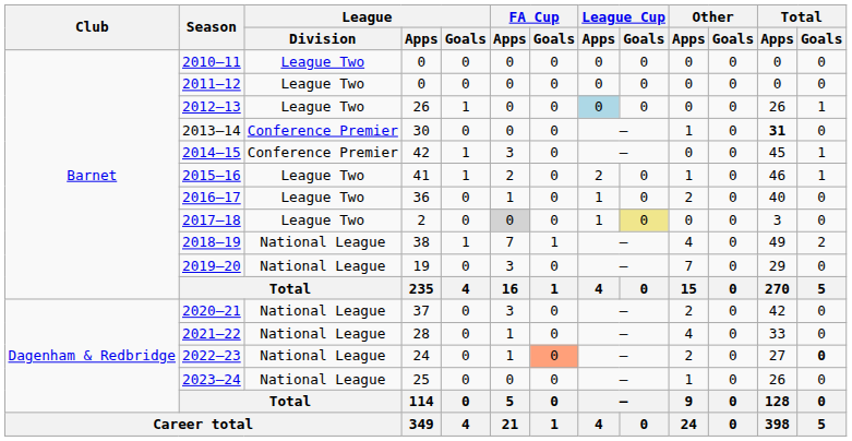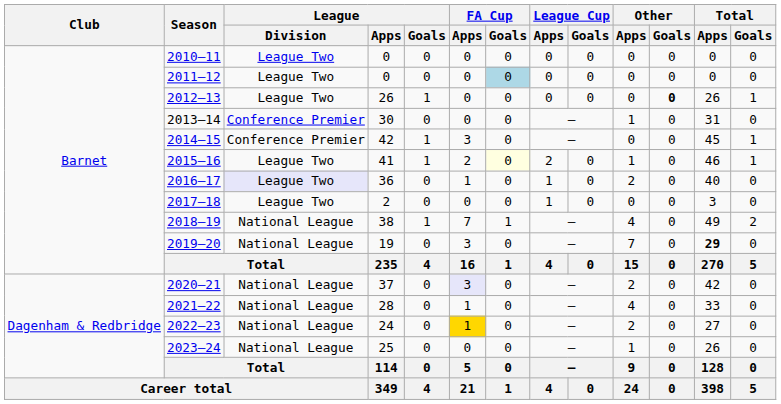 <table class=wikitable style="text-align: center;">
 <tr>
 <th rowspan=2>Club</th>
 <th rowspan=2>Season</th>
 <th colspan=3>League</th>
 <th colspan=2><a href='#'>FA Cup</a></th>
 <th colspan=2><a href='#'>League Cup</a></th>
 <th colspan=2>Other</th>
 <th colspan=2>Total</th>
 </tr>
 <tr>
 <th>Division</th>
 <th>Apps</th>
 <th>Goals</th>
 <th>Apps</th>
 <th>Goals</th>
 <th>Apps</th>
 <th>Goals</th>
 <th>Apps</th>
 <th>Goals</th>
 <th>Apps</th>
 <th>Goals</th>
 </tr>
 <tr>
 <td rowspan=11><a href='#'>Barnet</a></td>
 <td><a href='#'>2010–11</a></td>
 <td><a href='#'>League Two</a></td>
 <td>0</td>
 <td>0</td>
 <td>0</td>
 <td>0</td>
 <td>0</td>
 <td>0</td>
 <td>0</td>
 <td>0</td>
 <td>0</td>
 <td>0</td>
 </tr>
 <tr>
 <td><a href='#'>2011–12</a></td>
 <td>League Two</td>
 <td>0</td>
 <td>0</td>
 <td>0</td>
-<td>0</td>
+<td style="background: lightblue;">0</td>
 <td>0</td>
 <td>0</td>
 <td>0</td>
 <td>0</td>
 <td>0</td>
 <td>0</td>
 </tr>
 <tr>
 <td><a href='#'>2012–13</a></td>
 <td>League Two</td>
 <td>26</td>
 <td>1</td>
 <td>0</td>
 <td>0</td>
-<td style="background: lightblue;">0</td>
 <td>0</td>
 <td>0</td>
 <td>0</td>
+<td><strong>0</strong></td>
 <td>26</td>
 <td>1</td>
 </tr>
 <tr>
 <td>2013–14</td>
 <td><a href='#'>Conference Premier</a></td>
 <td>30</td>
 <td>0</td>
 <td>0</td>
 <td>0</td>
 <td colspan=2>—</td>
 <td>1</td>
 <td>0</td>
-<td><strong>31</strong></td>
+<td>31</td>
 <td>0</td>
 </tr>
 <tr>
 <td><a href='#'>2014–15</a></td>
 <td>Conference Premier</td>
 <td>42</td>
 <td>1</td>
 <td>3</td>
 <td>0</td>
 <td colspan=2>—</td>
 <td>0</td>
 <td>0</td>
 <td>45</td>
 <td>1</td>
 </tr>
 <tr>
 <td><a href='#'>2015–16</a></td>
 <td>League Two</td>
 <td>41</td>
 <td>1</td>
 <td>2</td>
-<td>0</td>
+<td style="background: lightyellow;">0</td>
 <td>2</td>
 <td>0</td>
 <td>1</td>
 <td>0</td>
 <td>46</td>
 <td>1</td>
 </tr>
 <tr>
 <td><a href='#'>2016–17</a></td>
-<td>League Two</td>
+<td style="background: lavender;">League Two</td>
 <td>36</td>
 <td>0</td>
 <td>1</td>
 <td>0</td>
 <td>1</td>
 <td>0</td>
 <td>2</td>
 <td>0</td>
 <td>40</td>
 <td>0</td>
 </tr>
 <tr>
 <td><a href='#'>2017–18</a></td>
 <td>League Two</td>
 <td>2</td>
 <td>0</td>
-<td style="background: lightgrey;">0</td>
+<td>0</td>
 <td>0</td>
 <td>1</td>
-<td style="background: khaki;">0</td>
+<td>0</td>
 <td>0</td>
 <td>0</td>
 <td>3</td>
 <td>0</td>
 </tr>
 <tr>
 <td><a href='#'>2018–19</a></td>
 <td>National League</td>
 <td>38</td>
 <td>1</td>
 <td>7</td>
 <td>1</td>
 <td colspan=2>—</td>
 <td>4</td>
 <td>0</td>
 <td>49</td>
 <td>2</td>
 </tr>
 <tr>
 <td><a href='#'>2019–20</a></td>
 <td>National League</td>
 <td>19</td>
 <td>0</td>
 <td>3</td>
 <td>0</td>
 <td colspan=2>—</td>
 <td>7</td>
 <td>0</td>
-<td>29</td>
+<td><strong>29</strong></td>
 <td>0</td>
 </tr>
 <tr>
 <th colspan="2">Total</th>
 <th>235</th>
 <th>4</th>
 <th>16</th>
 <th>1</th>
 <th>4</th>
 <th>0</th>
 <th>15</th>
 <th>0</th>
 <th>270</th>
 <th>5</th>
 </tr>
 <tr>
 <td rowspan=5><a href='#'>Dagenham & Redbridge</a></td>
 <td><a href='#'>2020–21</a></td>
 <td>National League</td>
 <td>37</td>
 <td>0</td>
-<td>3</td>
+<td style="background: lavender;">3</td>
 <td>0</td>
 <td colspan=2>—</td>
 <td>2</td>
 <td>0</td>
 <td>42</td>
 <td>0</td>
 </tr>
 <tr>
 <td><a href='#'>2021–22</a></td>
 <td>National League</td>
 <td>28</td>
 <td>0</td>
 <td>1</td>
 <td>0</td>
 <td colspan=2>—</td>
 <td>4</td>
 <td>0</td>
 <td>33</td>
 <td>0</td>
 </tr>
 <tr>
 <td><a href='#'>2022–23</a></td>
 <td>National League</td>
 <td>24</td>
 <td>0</td>
-<td>1</td>
-<td style="background: lightsalmon;">0</td>
+<td style="background: gold;">1</td>
+<td>0</td>
 <td colspan=2>—</td>
 <td>2</td>
 <td>0</td>
 <td>27</td>
-<td><strong>0</strong></td>
+<td>0</td>
 </tr>
 <tr>
 <td><a href='#'>2023–24</a></td>
 <td>National League</td>
 <td>25</td>
 <td>0</td>
 <td>0</td>
 <td>0</td>
 <td colspan=2>—</td>
 <td>1</td>
 <td>0</td>
 <td>26</td>
 <td>0</td>
 </tr>
 <tr>
 <th colspan="2">Total</th>
 <th>114</th>
 <th>0</th>
 <th>5</th>
 <th>0</th>
 <th colspan=2>—</th>
 <th>9</th>
 <th>0</th>
 <th>128</th>
 <th>0</th>
 </tr>
 <tr>
 <th colspan=3>Career total</th>
 <th>349</th>
 <th>4</th>
 <th>21</th>
 <th>1</th>
 <th>4</th>
 <th>0</th>
 <th>24</th>
 <th>0</th>
 <th>398</th>
 <th>5</th>
 </tr>
 </table>
